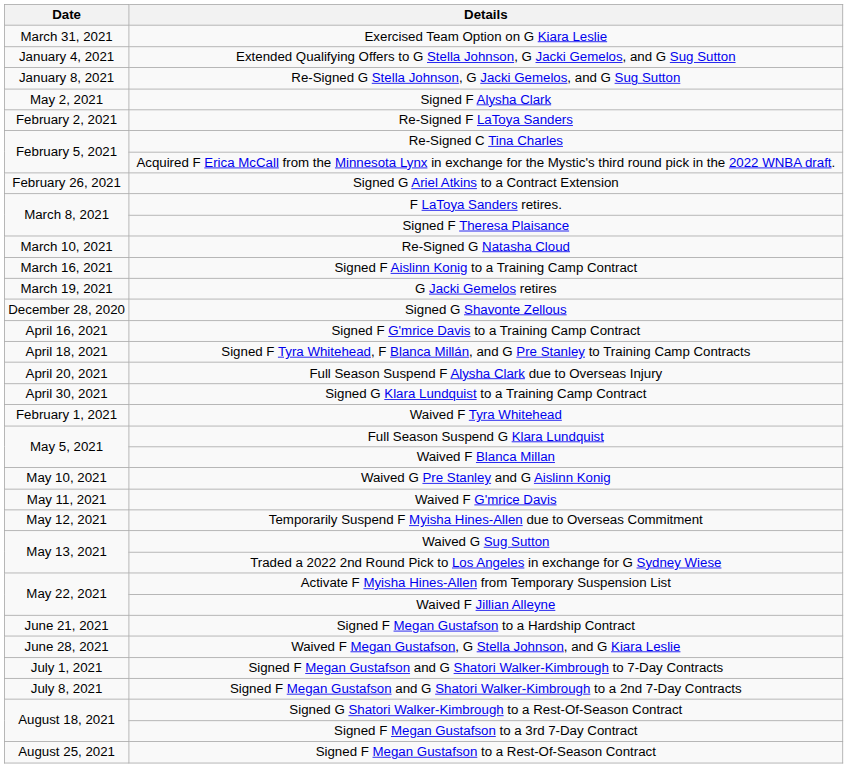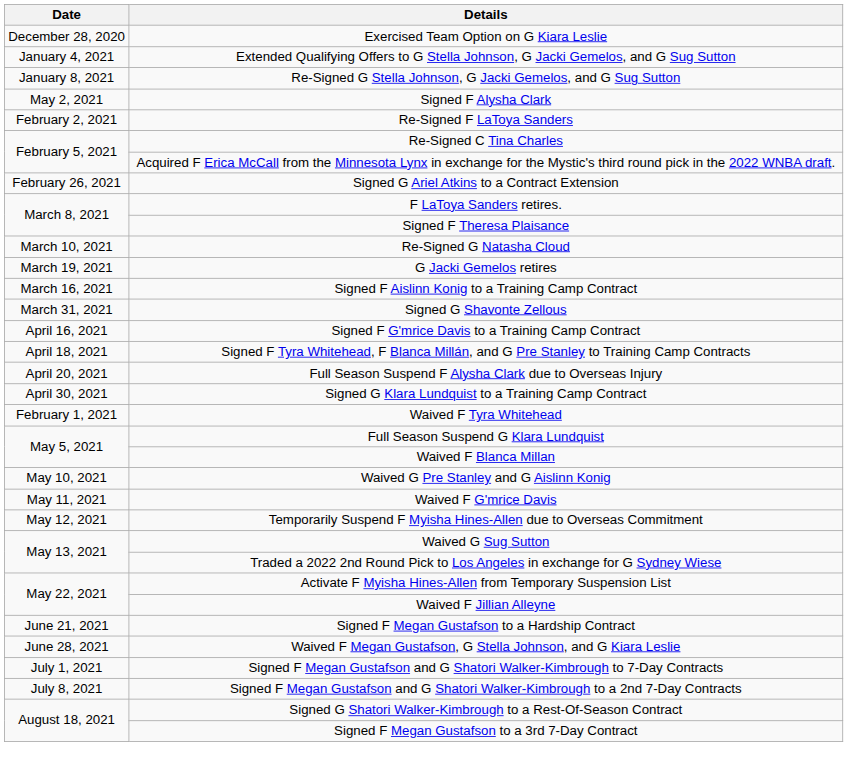 <table class="wikitable" style="width:80%; text-align: center;">
 <tr>
 <th>Date</th>
 <th>Details</th>
 </tr>
 <tr>
-<td>March 31, 2021</td>
+<td>December 28, 2020</td>
 <td>Exercised Team Option on G <a href='#'>Kiara Leslie</a></td>
 </tr>
 <tr>
 <td>January 4, 2021</td>
 <td>Extended Qualifying Offers to G <a href='#'>Stella Johnson</a>, G <a href='#'>Jacki Gemelos</a>, and G <a href='#'>Sug Sutton</a></td>
 </tr>
 <tr>
 <td>January 8, 2021</td>
 <td>Re-Signed G <a href='#'>Stella Johnson</a>, G <a href='#'>Jacki Gemelos</a>, and G <a href='#'>Sug Sutton</a></td>
 </tr>
 <tr>
 <td>May 2, 2021</td>
 <td>Signed F <a href='#'>Alysha Clark</a></td>
 </tr>
 <tr>
 <td>February 2, 2021</td>
 <td>Re-Signed F <a href='#'>LaToya Sanders</a></td>
 </tr>
 <tr>
 <td rowspan=2>February 5, 2021</td>
 <td>Re-Signed C <a href='#'>Tina Charles</a></td>
 </tr>
 <tr>
 <td>Acquired F <a href='#'>Erica McCall</a> from the <a href='#'>Minnesota Lynx</a> in exchange for the Mystic's third round pick in the <a href='#'>2022 WNBA draft</a>.</td>
 </tr>
 <tr>
 <td>February 26, 2021</td>
 <td>Signed G <a href='#'>Ariel Atkins</a> to a Contract Extension</td>
 </tr>
 <tr>
 <td rowspan=2>March 8, 2021</td>
 <td>F <a href='#'>LaToya Sanders</a> retires.</td>
 </tr>
 <tr>
 <td>Signed F <a href='#'>Theresa Plaisance</a></td>
 </tr>
 <tr>
 <td>March 10, 2021</td>
 <td>Re-Signed G <a href='#'>Natasha Cloud</a></td>
 </tr>
 <tr>
+<td>March 19, 2021</td>
+<td>G <a href='#'>Jacki Gemelos</a> retires</td>
+</tr>
+<tr>
 <td>March 16, 2021</td>
 <td>Signed F <a href='#'>Aislinn Konig</a> to a Training Camp Contract</td>
 </tr>
 <tr>
-<td>March 19, 2021</td>
-<td>G <a href='#'>Jacki Gemelos</a> retires</td>
-</tr>
-<tr>
-<td>December 28, 2020</td>
+<td>March 31, 2021</td>
 <td>Signed G <a href='#'>Shavonte Zellous</a></td>
 </tr>
 <tr>
 <td>April 16, 2021</td>
 <td>Signed F <a href='#'>G'mrice Davis</a> to a Training Camp Contract</td>
 </tr>
 <tr>
 <td>April 18, 2021</td>
 <td>Signed F <a href='#'>Tyra Whitehead</a>, F <a href='#'>Blanca Millán</a>, and G <a href='#'>Pre Stanley</a> to Training Camp Contracts</td>
 </tr>
 <tr>
 <td>April 20, 2021</td>
 <td>Full Season Suspend F <a href='#'>Alysha Clark</a> due to Overseas Injury</td>
 </tr>
 <tr>
 <td>April 30, 2021</td>
 <td>Signed G <a href='#'>Klara Lundquist</a> to a Training Camp Contract</td>
 </tr>
 <tr>
 <td>February 1, 2021</td>
 <td>Waived F <a href='#'>Tyra Whitehead</a></td>
 </tr>
 <tr>
 <td rowspan=2>May 5, 2021</td>
 <td>Full Season Suspend G <a href='#'>Klara Lundquist</a></td>
 </tr>
 <tr>
 <td>Waived F <a href='#'>Blanca Millan</a></td>
 </tr>
 <tr>
 <td>May 10, 2021</td>
 <td>Waived G <a href='#'>Pre Stanley</a> and G <a href='#'>Aislinn Konig</a></td>
 </tr>
 <tr>
 <td>May 11, 2021</td>
 <td>Waived F <a href='#'>G'mrice Davis</a></td>
 </tr>
 <tr>
 <td>May 12, 2021</td>
 <td>Temporarily Suspend F <a href='#'>Myisha Hines-Allen</a> due to Overseas Commitment</td>
 </tr>
 <tr>
 <td rowspan=2>May 13, 2021</td>
 <td>Waived G <a href='#'>Sug Sutton</a></td>
 </tr>
 <tr>
 <td>Traded a 2022 2nd Round Pick to <a href='#'>Los Angeles</a> in exchange for G <a href='#'>Sydney Wiese</a></td>
 </tr>
 <tr>
 <td rowspan=2>May 22, 2021</td>
 <td>Activate F <a href='#'>Myisha Hines-Allen</a> from Temporary Suspension List</td>
 </tr>
 <tr>
 <td>Waived F <a href='#'>Jillian Alleyne</a></td>
 </tr>
 <tr>
 <td>June 21, 2021</td>
 <td>Signed F <a href='#'>Megan Gustafson</a> to a Hardship Contract</td>
 </tr>
 <tr>
 <td>June 28, 2021</td>
 <td>Waived F <a href='#'>Megan Gustafson</a>, G <a href='#'>Stella Johnson</a>, and G <a href='#'>Kiara Leslie</a></td>
 </tr>
 <tr>
 <td>July 1, 2021</td>
 <td>Signed F <a href='#'>Megan Gustafson</a> and G <a href='#'>Shatori Walker-Kimbrough</a> to 7-Day Contracts</td>
 </tr>
 <tr>
 <td>July 8, 2021</td>
 <td>Signed F <a href='#'>Megan Gustafson</a> and G <a href='#'>Shatori Walker-Kimbrough</a> to a 2nd 7-Day Contracts</td>
 </tr>
 <tr>
 <td rowspan=2>August 18, 2021</td>
 <td>Signed  G <a href='#'>Shatori Walker-Kimbrough</a> to a Rest-Of-Season Contract</td>
 </tr>
 <tr>
 <td>Signed F <a href='#'>Megan Gustafson</a> to a 3rd 7-Day Contract</td>
 </tr>
-<tr>
-<td>August 25, 2021</td>
-<td>Signed F <a href='#'>Megan Gustafson</a> to a Rest-Of-Season Contract</td>
-</tr>
 </table>
